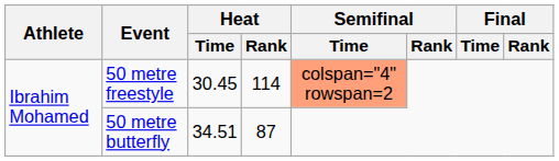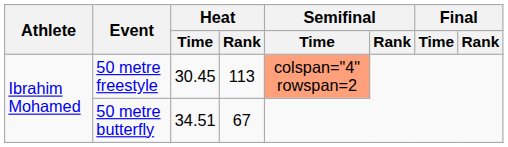 <table class="wikitable" style="text-align:center; font-size:90%; width:50%;">
 <tr>
 <th rowspan="2">Athlete</th>
 <th rowspan="2">Event</th>
 <th colspan="2">Heat</th>
 <th colspan="2">Semifinal</th>
 <th colspan="2">Final</th>
 </tr>
 <tr style="font-size:95%">
 <th>Time</th>
 <th>Rank</th>
 <th>Time</th>
 <th>Rank</th>
 <th>Time</th>
 <th>Rank</th>
 </tr>
 <tr align=center>
 <td align=left rowspan=2><a href='#'>Ibrahim Mohamed</a></td>
 <td align=left><a href='#'>50 metre freestyle</a></td>
 <td>30.45</td>
-<td>114</td>
+<td>113</td>
 <td style="background: lightsalmon;">colspan="4" rowspan=2 </td>
 </tr>
 <tr align=center>
 <td align=left><a href='#'>50 metre butterfly</a></td>
 <td>34.51</td>
-<td>87</td>
+<td>67</td>
 </tr>
 </table>
